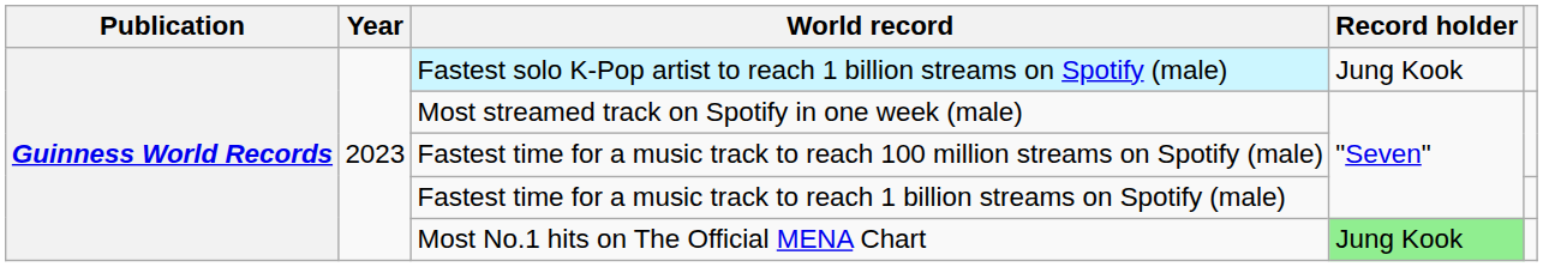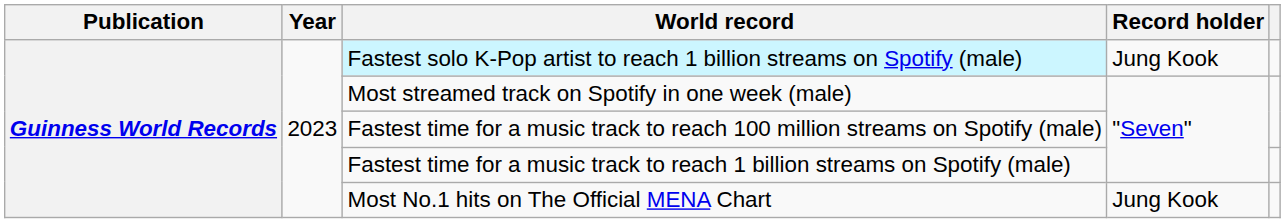 <table class="wikitable sortable plainrowheaders">
 <tr>
 <th scope="col">Publication</th>
 <th scope="col">Year</th>
 <th scope="col">World record</th>
 <th scope="col">Record holder</th>
 <th scope="col" class="unsortable"></th>
 </tr>
 <tr>
 <th scope="row" rowspan="6"><em><a href='#'>Guinness World Records</a></em></th>
 <td rowspan="6">2023</td>
 <td style="background-color:#CCF6FF"> Fastest solo K-Pop artist to reach 1 billion streams on <a href='#'>Spotify</a> (male)</td>
 <td>Jung Kook</td>
 <td style="text-align:center;"></td>
 </tr>
 <tr>
 <td>Most streamed track on Spotify in one week (male)</td>
 <td rowspan="3">"<a href='#'>Seven</a>"</td>
 <td style="text-align:center;" rowspan="2"></td>
 </tr>
 <tr>
 <td>Fastest time for a music track to reach 100 million streams on Spotify (male)</td>
 </tr>
 <tr>
 <td>Fastest time for a music track to reach 1 billion streams on Spotify (male)</td>
 <td style="text-align:center;"></td>
 </tr>
 <tr>
 <td>Most No.1 hits on The Official <a href='#'>MENA</a> Chart</td>
-<td style="background: lightgreen;">Jung Kook</td>
+<td>Jung Kook</td>
 <td style="text-align:center;"></td>
 </tr>
 </table>
